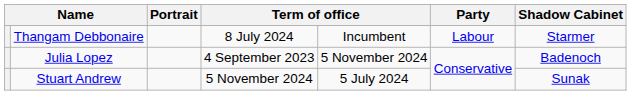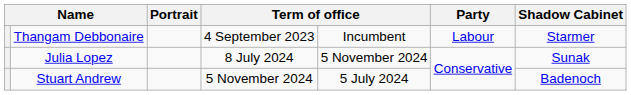 <table class="wikitable" style="text-align:center">
 <tr>
 <th colspan=2>Name</th>
 <th>Portrait</th>
 <th colspan="2">Term of office</th>
 <th>Party</th>
 <th>Shadow Cabinet</th>
 </tr>
 <tr>
 <th style="background-color: "></th>
 <td><a href='#'>Thangam Debbonaire</a></td>
 <td></td>
-<td>8 July 2024</td>
+<td>4 September 2023</td>
 <td>Incumbent</td>
 <td><a href='#'>Labour</a></td>
 <td><a href='#'>Starmer</a></td>
 </tr>
 <tr>
 <th style="background-color: "></th>
 <td><a href='#'>Julia Lopez</a></td>
 <td></td>
-<td>4 September 2023</td>
+<td>8 July 2024</td>
 <td>5 November 2024</td>
 <td rowspan="2"><a href='#'>Conservative</a></td>
-<td rowspan="1"><a href='#'>Badenoch</a></td>
+<td rowspan="1"><a href='#'>Sunak</a></td>
 </tr>
 <tr>
 <th style="background-color: "></th>
 <td><a href='#'>Stuart Andrew</a></td>
 <td></td>
 <td>5 November 2024</td>
 <td>5 July 2024</td>
-<td rowspan="1"><a href='#'>Sunak</a></td>
+<td rowspan="1"><a href='#'>Badenoch</a></td>
 </tr>
 </table>
